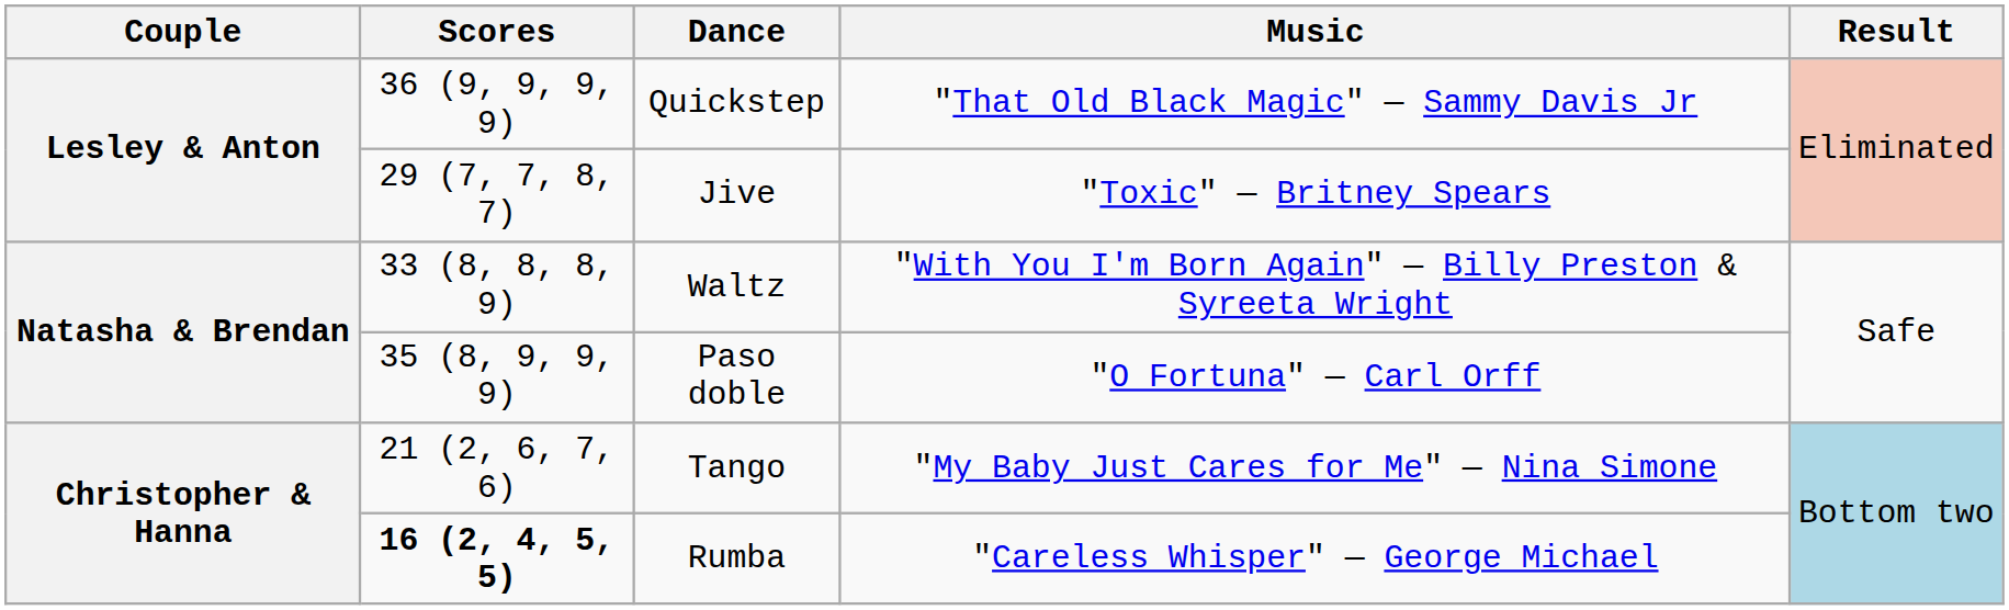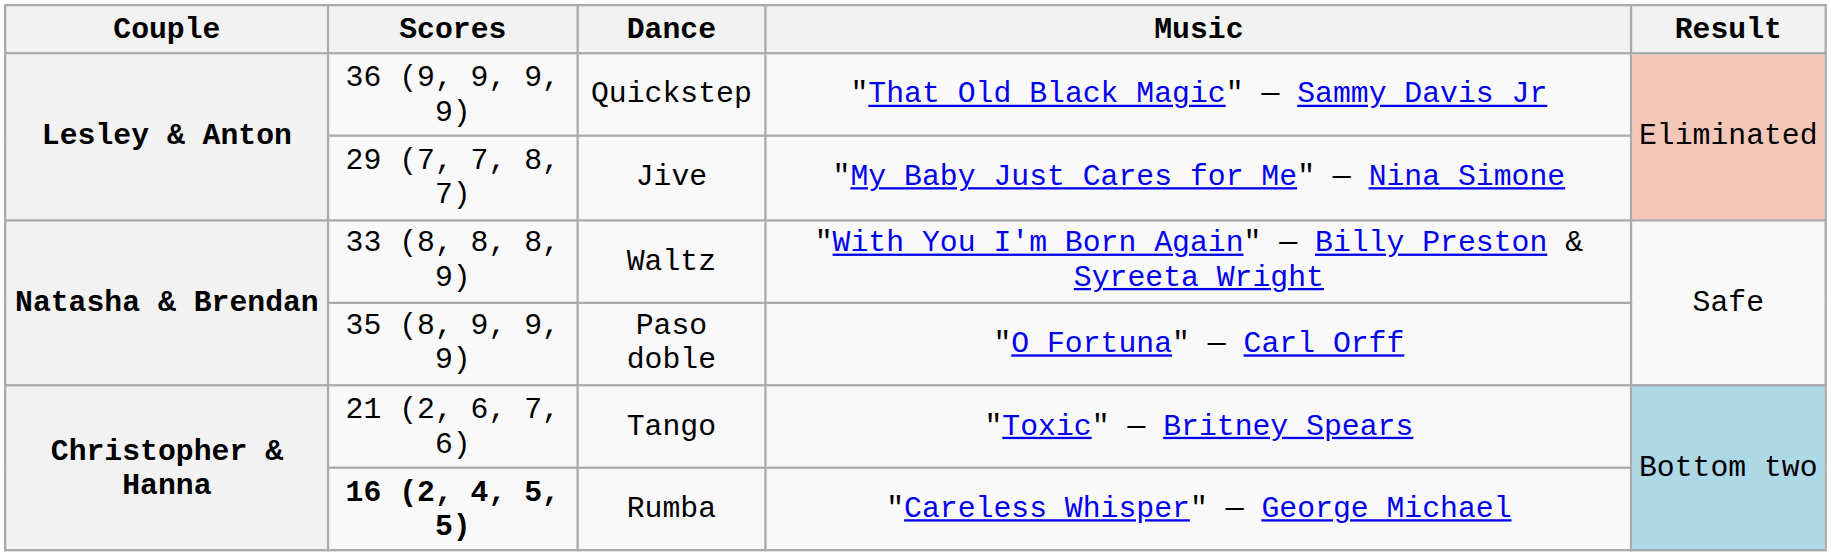 <table class="wikitable sortable" style="text-align:center; width:90%">
 <tr>
 <th scope="col">Couple</th>
 <th scope="col">Scores</th>
 <th scope="col" class="unsortable">Dance</th>
 <th scope="col" class="unsortable">Music</th>
 <th scope="col" class="unsortable">Result</th>
 </tr>
 <tr>
 <th scope="row" rowspan=2>Lesley & Anton</th>
 <td>36 (9, 9, 9, 9)</td>
 <td>Quickstep</td>
 <td>"<a href='#'>That Old Black Magic</a>" — <a href='#'>Sammy Davis Jr</a></td>
 <td rowspan=2 bgcolor="f4c7b8">Eliminated</td>
 </tr>
 <tr>
 <td>29 (7, 7, 8, 7)</td>
 <td>Jive</td>
-<td>"<a href='#'>Toxic</a>" — <a href='#'>Britney Spears</a></td>
+<td>"<a href='#'>My Baby Just Cares for Me</a>" — <a href='#'>Nina Simone</a></td>
 </tr>
 <tr>
 <th scope="row" rowspan=2>Natasha & Brendan</th>
 <td>33 (8, 8, 8, 9)</td>
 <td>Waltz</td>
 <td>"<a href='#'>With You I'm Born Again</a>" — <a href='#'>Billy Preston</a> & <a href='#'>Syreeta Wright</a></td>
 <td rowspan=2>Safe</td>
 </tr>
 <tr>
 <td>35 (8, 9, 9, 9)</td>
 <td>Paso doble</td>
 <td>"<a href='#'>O Fortuna</a>" — <a href='#'>Carl Orff</a></td>
 </tr>
 <tr>
 <th scope="row" rowspan=2>Christopher & Hanna</th>
 <td>21 (2, 6, 7, 6)</td>
 <td>Tango</td>
-<td>"<a href='#'>My Baby Just Cares for Me</a>" — <a href='#'>Nina Simone</a></td>
+<td>"<a href='#'>Toxic</a>" — <a href='#'>Britney Spears</a></td>
 <td rowspan=2 bgcolor="lightblue">Bottom two</td>
 </tr>
 <tr>
 <td><strong>16 (2, 4, 5, 5)</strong></td>
 <td>Rumba</td>
 <td>"<a href='#'>Careless Whisper</a>" — <a href='#'>George Michael</a></td>
 </tr>
 </table>
